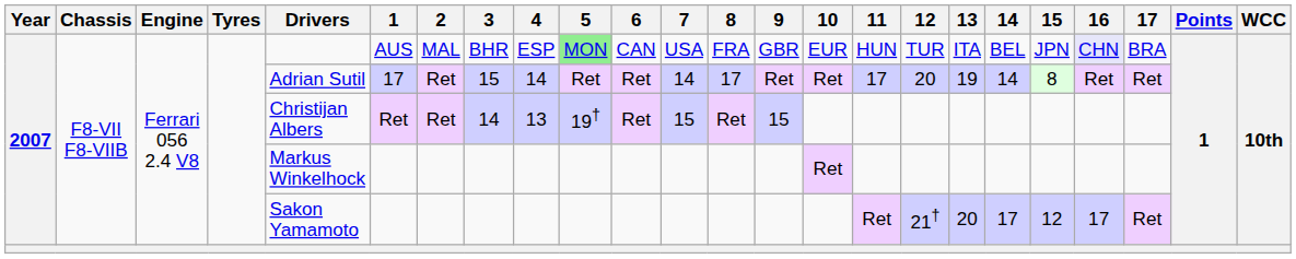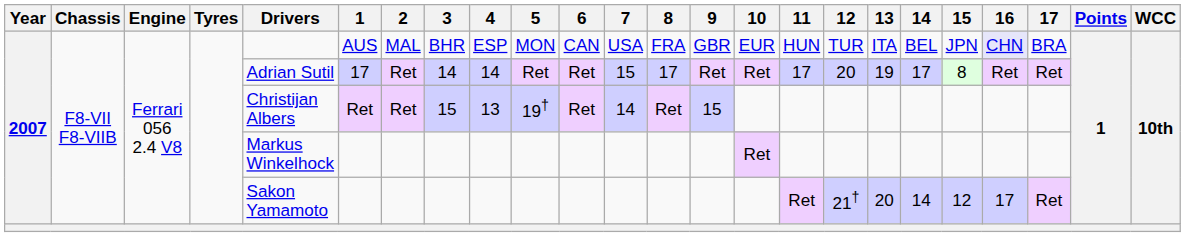 <table class="wikitable" style="text-align:center; font-size:85%;">
 <tr>
 <th>Year</th>
 <th>Chassis</th>
 <th>Engine</th>
 <th>Tyres</th>
 <th>Drivers</th>
 <th>1</th>
 <th>2</th>
 <th>3</th>
 <th>4</th>
 <th>5</th>
 <th>6</th>
 <th>7</th>
 <th>8</th>
 <th>9</th>
 <th>10</th>
 <th>11</th>
 <th>12</th>
 <th>13</th>
 <th>14</th>
 <th>15</th>
 <th>16</th>
 <th>17</th>
 <th><a href='#'>Points</a></th>
 <th>WCC</th>
 </tr>
 <tr>
 <th rowspan="5"><a href='#'>2007</a></th>
 <td rowspan="5"><a href='#'>F8-VII</a><br><a href='#'>F8-VIIB</a></td>
 <td rowspan="5"><a href='#'>Ferrari</a> 056 2.4 <a href='#'>V8</a></td>
 <td rowspan="5"></td>
 <td></td>
 <td><a href='#'>AUS</a></td>
 <td><a href='#'>MAL</a></td>
 <td><a href='#'>BHR</a></td>
 <td><a href='#'>ESP</a></td>
-<td style="background: lightgreen;"><a href='#'>MON</a></td>
+<td><a href='#'>MON</a></td>
 <td><a href='#'>CAN</a></td>
 <td><a href='#'>USA</a></td>
 <td><a href='#'>FRA</a></td>
 <td><a href='#'>GBR</a></td>
 <td><a href='#'>EUR</a></td>
 <td><a href='#'>HUN</a></td>
 <td><a href='#'>TUR</a></td>
 <td><a href='#'>ITA</a></td>
 <td><a href='#'>BEL</a></td>
 <td><a href='#'>JPN</a></td>
 <td style="background: lavender;"><a href='#'>CHN</a></td>
 <td><a href='#'>BRA</a></td>
 <th rowspan="5">1</th>
 <th rowspan="5">10th</th>
 </tr>
 <tr>
 <td align="left"> <a href='#'>Adrian Sutil</a></td>
 <td style="background:#CFCFFF;">17</td>
 <td style="background:#EFCFFF;">Ret</td>
-<td style="background:#CFCFFF;">15</td>
+<td style="background:#CFCFFF;">14</td>
 <td style="background:#CFCFFF;">14</td>
 <td style="background:#EFCFFF;">Ret</td>
 <td style="background:#EFCFFF;">Ret</td>
-<td style="background:#CFCFFF;">14</td>
+<td style="background:#CFCFFF;">15</td>
 <td style="background:#CFCFFF;">17</td>
 <td style="background:#EFCFFF;">Ret</td>
 <td style="background:#EFCFFF;">Ret</td>
 <td style="background:#CFCFFF;">17</td>
 <td style="background:#CFCFFF;">20</td>
 <td style="background:#CFCFFF;">19</td>
-<td style="background:#CFCFFF;">14</td>
+<td style="background:#CFCFFF;">17</td>
 <td style="background:#dfffdf;">8</td>
 <td style="background:#EFCFFF;">Ret</td>
 <td style="background:#EFCFFF;">Ret</td>
 </tr>
 <tr>
 <td align="left"> <a href='#'>Christijan Albers</a></td>
 <td style="background:#EFCFFF;">Ret</td>
 <td style="background:#EFCFFF;">Ret</td>
-<td style="background:#CFCFFF;">14</td>
+<td style="background:#CFCFFF;">15</td>
 <td style="background:#CFCFFF;">13</td>
 <td style="background:#CFCFFF;">19<sup>†</sup></td>
 <td style="background:#EFCFFF;">Ret</td>
-<td style="background:#CFCFFF;">15</td>
+<td style="background:#CFCFFF;">14</td>
 <td style="background:#EFCFFF;">Ret</td>
 <td style="background:#CFCFFF;">15</td>
 <td></td>
 <td></td>
 <td></td>
 <td></td>
 <td></td>
 <td></td>
 <td></td>
 <td></td>
 </tr>
 <tr>
 <td align="left"> <a href='#'>Markus Winkelhock</a></td>
 <td></td>
 <td></td>
 <td></td>
 <td></td>
 <td></td>
 <td></td>
 <td></td>
 <td></td>
 <td></td>
 <td style="background:#EFCFFF;">Ret</td>
 <td></td>
 <td></td>
 <td></td>
 <td></td>
 <td></td>
 <td></td>
 <td></td>
 </tr>
 <tr>
 <td align="left"> <a href='#'>Sakon Yamamoto</a></td>
 <td></td>
 <td></td>
 <td></td>
 <td></td>
 <td></td>
 <td></td>
 <td></td>
 <td></td>
 <td></td>
 <td></td>
 <td style="background:#EFCFFF;">Ret</td>
 <td style="background:#CFCFFF;">21<sup>†</sup></td>
 <td style="background:#CFCFFF;">20</td>
-<td style="background:#CFCFFF;">17</td>
+<td style="background:#CFCFFF;">14</td>
 <td style="background:#CFCFFF;">12</td>
 <td style="background:#CFCFFF;">17</td>
 <td style="background:#EFCFFF;">Ret</td>
 </tr>
 <tr>
 <th colspan="24"></th>
 </tr>
 </table>
